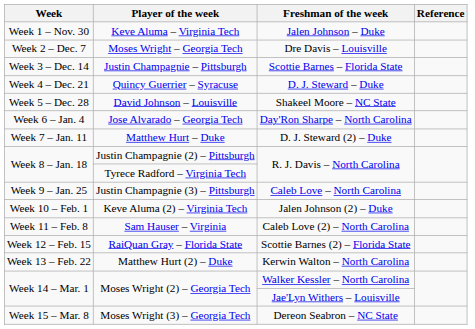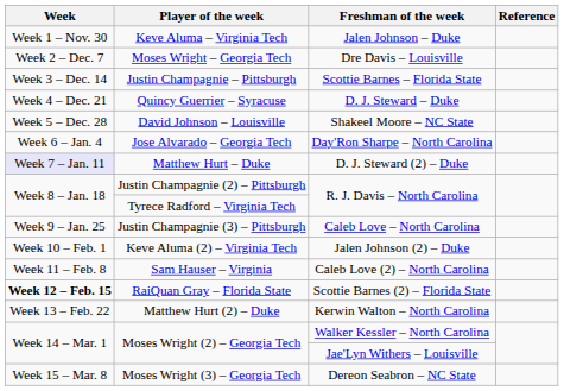 <table class="wikitable" border="1" style="text-align:center;">
 <tr>
 <th>Week</th>
 <th>Player of the week</th>
 <th>Freshman of the week</th>
 <th>Reference</th>
 </tr>
 <tr>
 <td>Week 1 – Nov. 30</td>
 <td><a href='#'>Keve Aluma</a> – <a href='#'>Virginia Tech</a></td>
 <td><a href='#'>Jalen Johnson</a> – <a href='#'>Duke</a></td>
 <td></td>
 </tr>
 <tr>
 <td>Week 2 – Dec. 7</td>
 <td><a href='#'>Moses Wright</a> – <a href='#'>Georgia Tech</a></td>
 <td>Dre Davis – <a href='#'>Louisville</a></td>
 <td></td>
 </tr>
 <tr>
 <td>Week 3 – Dec. 14</td>
 <td><a href='#'>Justin Champagnie</a> – <a href='#'>Pittsburgh</a></td>
 <td><a href='#'>Scottie Barnes</a> – <a href='#'>Florida State</a></td>
 <td></td>
 </tr>
 <tr>
 <td>Week 4 – Dec. 21</td>
 <td><a href='#'>Quincy Guerrier</a> – <a href='#'>Syracuse</a></td>
 <td><a href='#'>D. J. Steward</a> – <a href='#'>Duke</a></td>
 <td></td>
 </tr>
 <tr>
 <td>Week 5 – Dec. 28</td>
 <td><a href='#'>David Johnson</a> – <a href='#'>Louisville</a></td>
 <td>Shakeel Moore – <a href='#'>NC State</a></td>
 <td></td>
 </tr>
 <tr>
 <td>Week 6 – Jan. 4</td>
 <td><a href='#'>Jose Alvarado</a> – <a href='#'>Georgia Tech</a></td>
 <td><a href='#'>Day'Ron Sharpe</a> – <a href='#'>North Carolina</a></td>
 <td></td>
 </tr>
 <tr>
-<td>Week 7 – Jan. 11</td>
+<td style="background: lavender;">Week 7 – Jan. 11</td>
 <td><a href='#'>Matthew Hurt</a> – <a href='#'>Duke</a></td>
 <td>D. J. Steward (2) – <a href='#'>Duke</a></td>
 <td></td>
 </tr>
 <tr>
 <td rowspan=2>Week 8 – Jan. 18</td>
 <td>Justin Champagnie (2) – <a href='#'>Pittsburgh</a></td>
 <td rowspan=2>R. J. Davis – <a href='#'>North Carolina</a></td>
 <td rowspan=2></td>
 </tr>
 <tr>
 <td>Tyrece Radford – <a href='#'>Virginia Tech</a></td>
 </tr>
 <tr>
 <td>Week 9 – Jan. 25</td>
 <td>Justin Champagnie (3) – <a href='#'>Pittsburgh</a></td>
 <td><a href='#'>Caleb Love</a> – <a href='#'>North Carolina</a></td>
 <td></td>
 </tr>
 <tr>
 <td>Week 10 – Feb. 1</td>
 <td>Keve Aluma (2) – <a href='#'>Virginia Tech</a></td>
 <td>Jalen Johnson (2) – <a href='#'>Duke</a></td>
 <td></td>
 </tr>
 <tr>
 <td>Week 11 – Feb. 8</td>
 <td><a href='#'>Sam Hauser</a> – <a href='#'>Virginia</a></td>
 <td>Caleb Love (2) – <a href='#'>North Carolina</a></td>
 <td></td>
 </tr>
 <tr>
-<td>Week 12 – Feb. 15</td>
+<td><strong>Week 12 – Feb. 15</strong></td>
 <td><a href='#'>RaiQuan Gray</a> – <a href='#'>Florida State</a></td>
 <td>Scottie Barnes (2) – <a href='#'>Florida State</a></td>
 <td></td>
 </tr>
 <tr>
 <td>Week 13 – Feb. 22</td>
 <td>Matthew Hurt (2) – <a href='#'>Duke</a></td>
 <td>Kerwin Walton – <a href='#'>North Carolina</a></td>
 <td></td>
 </tr>
 <tr>
 <td rowspan=2>Week 14 – Mar. 1</td>
 <td rowspan=2>Moses Wright (2) – <a href='#'>Georgia Tech</a></td>
 <td><a href='#'>Walker Kessler</a> – <a href='#'>North Carolina</a></td>
 <td rowspan=2></td>
 </tr>
 <tr>
 <td><a href='#'>Jae'Lyn Withers</a> – <a href='#'>Louisville</a></td>
 </tr>
 <tr>
 <td>Week 15 – Mar. 8</td>
 <td>Moses Wright (3) – <a href='#'>Georgia Tech</a></td>
 <td>Dereon Seabron – <a href='#'>NC State</a></td>
 <td></td>
 </tr>
 </table>
